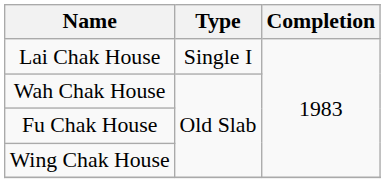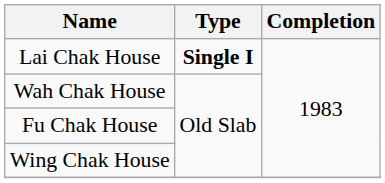 <table class="wikitable" style="text-align: center">
 <tr>
 <th>Name</th>
 <th>Type</th>
 <th>Completion</th>
 </tr>
 <tr>
 <td>Lai Chak House</td>
-<td rowspan="1">Single I</td>
+<td rowspan="1"><strong>Single I</strong></td>
 <td rowspan="4">1983</td>
 </tr>
 <tr>
 <td>Wah Chak House</td>
 <td rowspan="3">Old Slab</td>
 </tr>
 <tr>
 <td>Fu Chak House</td>
 </tr>
 <tr>
 <td>Wing Chak House</td>
 </tr>
 <tr>
 </tr>
 </table>
